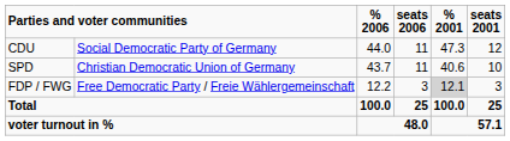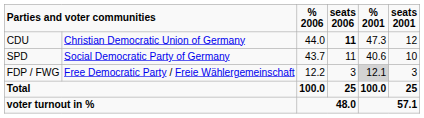 <table class="wikitable">
 <tr --  class="bgcolor5">
 <td colspan="2"><strong>Parties and voter communities</strong></td>
 <td align="center"><strong>%<br>2006</strong></td>
 <td align="center"><strong>seats<br>2006</strong></td>
 <td align="center"><strong>%<br>2001</strong></td>
 <td align="center"><strong>seats<br>2001</strong></td>
 </tr>
 <tr --->
 <td>CDU</td>
-<td><a href='#'>Social Democratic Party of Germany</a></td>
+<td><a href='#'>Christian Democratic Union of Germany</a></td>
 <td align="right">44.0</td>
-<td align="right">11</td>
+<td align="right"><strong>11</strong></td>
 <td align="right">47.3</td>
 <td align="right">12</td>
 </tr>
 <tr --->
 <td>SPD</td>
-<td><a href='#'>Christian Democratic Union of Germany</a></td>
+<td><a href='#'>Social Democratic Party of Germany</a></td>
 <td align="right">43.7</td>
 <td align="right">11</td>
 <td align="right">40.6</td>
 <td align="right">10</td>
 </tr>
 <tr --->
 <td>FDP / FWG</td>
 <td><a href='#'>Free Democratic Party</a> / <a href='#'>Freie Wählergemeinschaft</a></td>
 <td align="right">12.2</td>
 <td align="right">3</td>
 <td align="right" style="background: lightgrey;">12.1</td>
 <td align="right">3</td>
 </tr>
 <tr -- class="bgcolor5">
 <td colspan="2"><strong>Total</strong></td>
 <td align="right"><strong>100.0</strong></td>
 <td align="right"><strong>25</strong></td>
 <td align="right"><strong>100.0</strong></td>
 <td align="right"><strong>25</strong></td>
 </tr>
 <tr -- class="bgcolor5">
 <td colspan="2"><strong>voter turnout in %</strong></td>
 <td colspan="2" align="right"><strong>48.0</strong></td>
 <td colspan="2" align="right"><strong>57.1</strong></td>
 </tr>
 </table>
